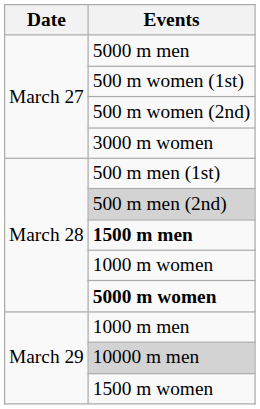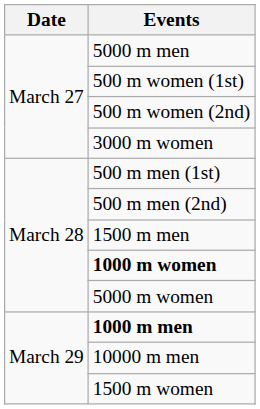 <table class="wikitable" border="1">
 <tr>
 <th>Date</th>
 <th>Events</th>
 </tr>
 <tr>
 <td rowspan=4>March 27</td>
 <td>5000 m men</td>
 </tr>
 <tr>
 <td>500 m women (1st)</td>
 </tr>
 <tr>
 <td>500 m women (2nd)</td>
 </tr>
 <tr>
 <td>3000 m women</td>
 </tr>
 <tr>
 <td rowspan=5>March 28</td>
 <td>500 m men (1st)</td>
 </tr>
 <tr>
-<td style="background: lightgrey;">500 m men (2nd)</td>
+<td>500 m men (2nd)</td>
 </tr>
 <tr>
-<td><strong>1500 m men</strong></td>
+<td>1500 m men</td>
 </tr>
 <tr>
-<td>1000 m women</td>
+<td><strong>1000 m women</strong></td>
 </tr>
 <tr>
-<td><strong>5000 m women</strong></td>
+<td>5000 m women</td>
 </tr>
 <tr>
 <td rowspan=3>March 29</td>
-<td>1000 m men</td>
+<td><strong>1000 m men</strong></td>
 </tr>
 <tr>
-<td style="background: lightgrey;">10000 m men</td>
+<td>10000 m men</td>
 </tr>
 <tr>
 <td>1500 m women</td>
 </tr>
 </table>
